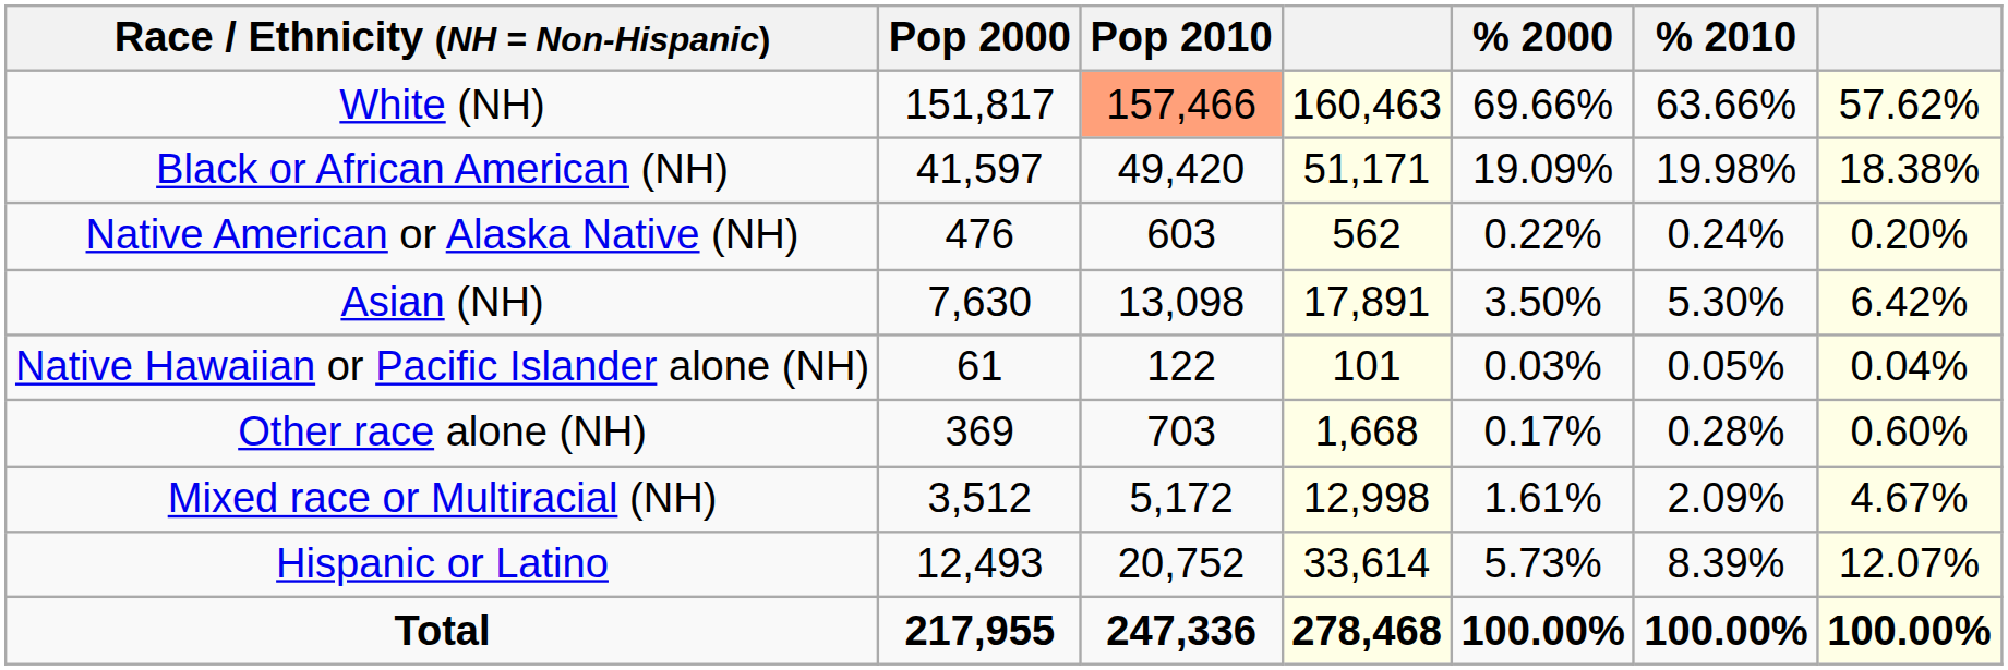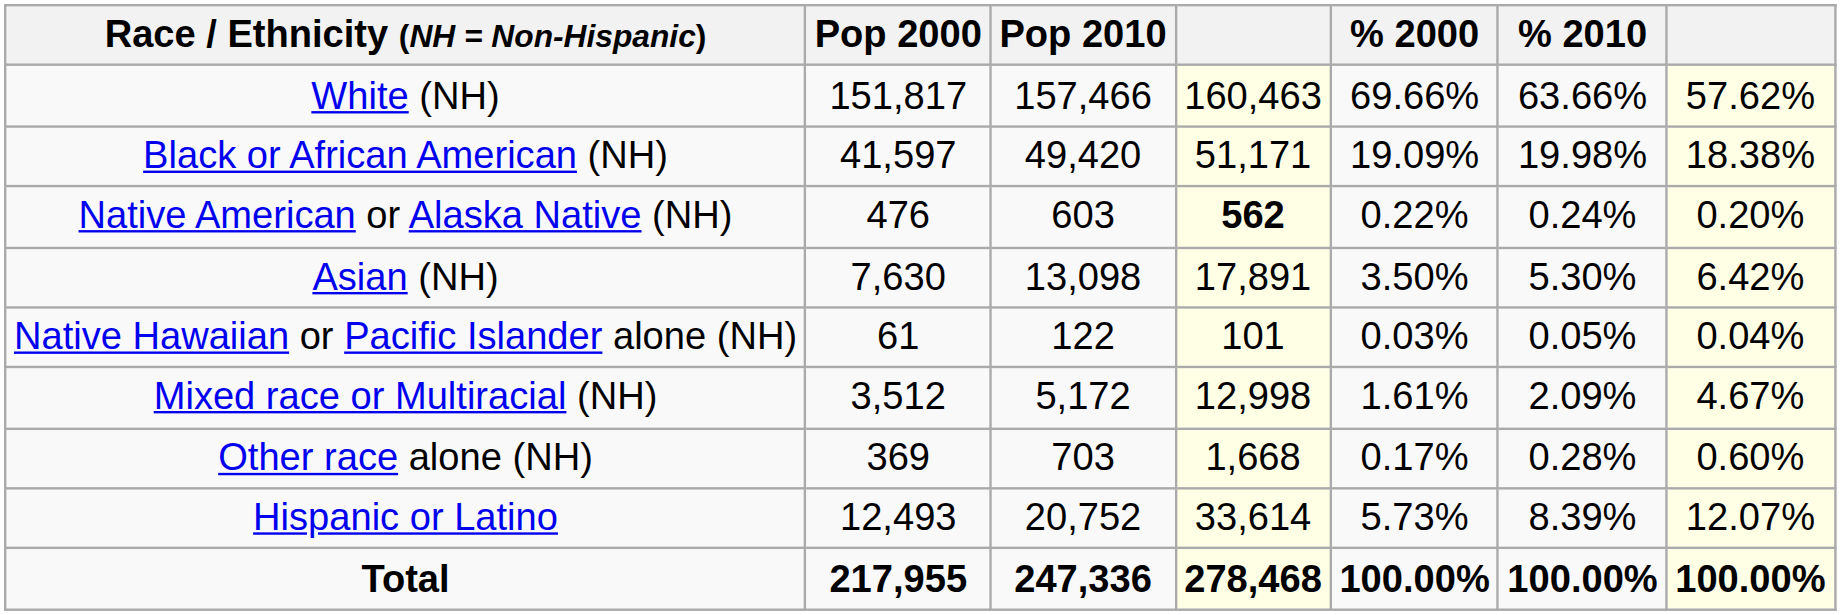 <table class="wikitable" style="text-align:center;">
 <tr>
 <th>Race / Ethnicity <small>(<em>NH = Non-Hispanic</em>)</small></th>
 <th>Pop 2000</th>
 <th>Pop 2010</th>
 <th></th>
 <th>% 2000</th>
 <th>% 2010</th>
 <th></th>
 </tr>
 <tr>
 <td><a href='#'>White</a> (NH)</td>
 <td>151,817</td>
-<td style="background: lightsalmon;">157,466</td>
+<td>157,466</td>
 <td style='background: #ffffe6;'>160,463</td>
 <td>69.66%</td>
 <td>63.66%</td>
 <td style='background: #ffffe6;'>57.62%</td>
 </tr>
 <tr>
 <td><a href='#'>Black or African American</a> (NH)</td>
 <td>41,597</td>
 <td>49,420</td>
 <td style='background: #ffffe6;'>51,171</td>
 <td>19.09%</td>
 <td>19.98%</td>
 <td style='background: #ffffe6;'>18.38%</td>
 </tr>
 <tr>
 <td><a href='#'>Native American</a> or <a href='#'>Alaska Native</a> (NH)</td>
 <td>476</td>
 <td>603</td>
-<td style='background: #ffffe6;'>562</td>
+<td style='background: #ffffe6;'><strong>562</strong></td>
 <td>0.22%</td>
 <td>0.24%</td>
 <td style='background: #ffffe6;'>0.20%</td>
 </tr>
 <tr>
 <td><a href='#'>Asian</a> (NH)</td>
 <td>7,630</td>
 <td>13,098</td>
 <td style='background: #ffffe6;'>17,891</td>
 <td>3.50%</td>
 <td>5.30%</td>
 <td style='background: #ffffe6;'>6.42%</td>
 </tr>
 <tr>
 <td><a href='#'>Native Hawaiian</a> or <a href='#'>Pacific Islander</a> alone (NH)</td>
 <td>61</td>
 <td>122</td>
 <td style='background: #ffffe6;'>101</td>
 <td>0.03%</td>
 <td>0.05%</td>
 <td style='background: #ffffe6;'>0.04%</td>
 </tr>
 <tr>
+<td><a href='#'>Mixed race or Multiracial</a> (NH)</td>
+<td>3,512</td>
+<td>5,172</td>
+<td style='background: #ffffe6;'>12,998</td>
+<td>1.61%</td>
+<td>2.09%</td>
+<td style='background: #ffffe6;'>4.67%</td>
+</tr>
+<tr>
 <td><a href='#'>Other race</a> alone (NH)</td>
 <td>369</td>
 <td>703</td>
 <td style='background: #ffffe6;'>1,668</td>
 <td>0.17%</td>
 <td>0.28%</td>
 <td style='background: #ffffe6;'>0.60%</td>
-</tr>
-<tr>
-<td><a href='#'>Mixed race or Multiracial</a> (NH)</td>
-<td>3,512</td>
-<td>5,172</td>
-<td style='background: #ffffe6;'>12,998</td>
-<td>1.61%</td>
-<td>2.09%</td>
-<td style='background: #ffffe6;'>4.67%</td>
 </tr>
 <tr>
 <td><a href='#'>Hispanic or Latino</a></td>
 <td>12,493</td>
 <td>20,752</td>
 <td style='background: #ffffe6;'>33,614</td>
 <td>5.73%</td>
 <td>8.39%</td>
 <td style='background: #ffffe6;'>12.07%</td>
 </tr>
 <tr>
 <td><strong>Total</strong></td>
 <td><strong>217,955</strong></td>
 <td><strong>247,336</strong></td>
 <td style='background: #ffffe6;'><strong>278,468</strong></td>
 <td><strong>100.00%</strong></td>
 <td><strong>100.00%</strong></td>
 <td style='background: #ffffe6;'><strong>100.00%</strong></td>
 </tr>
 </table>
